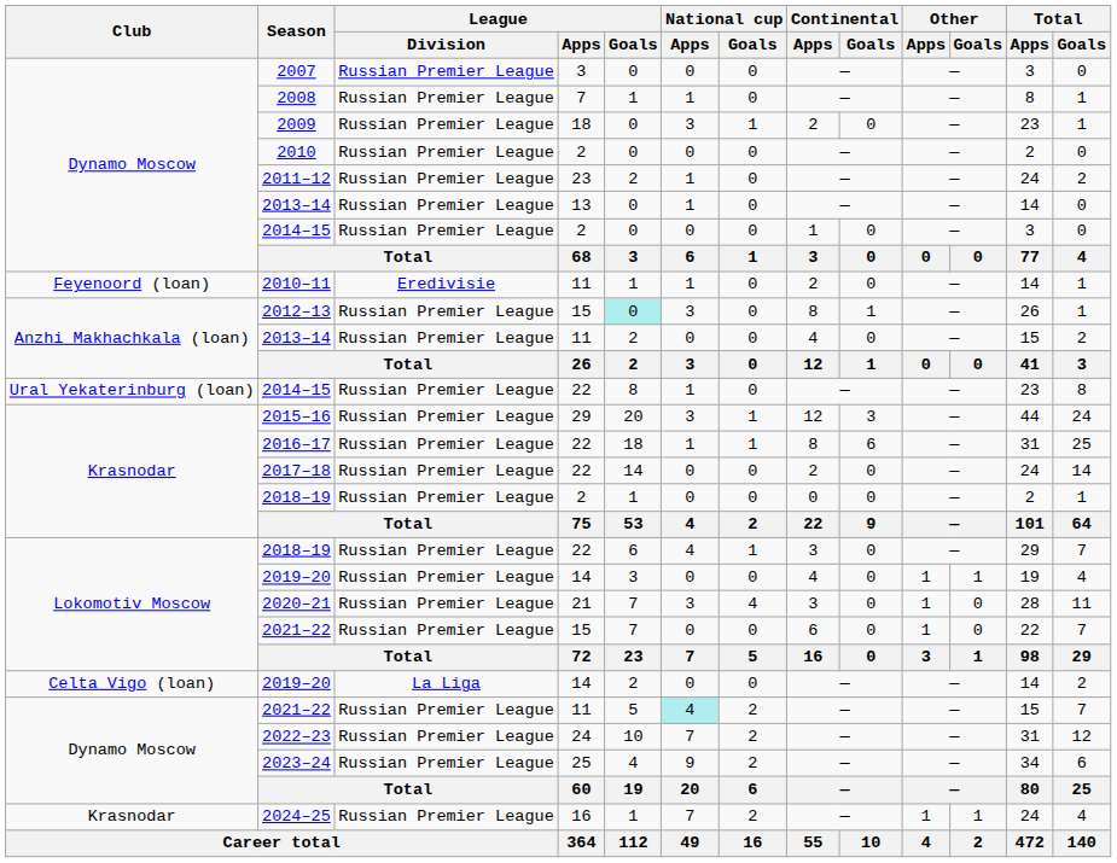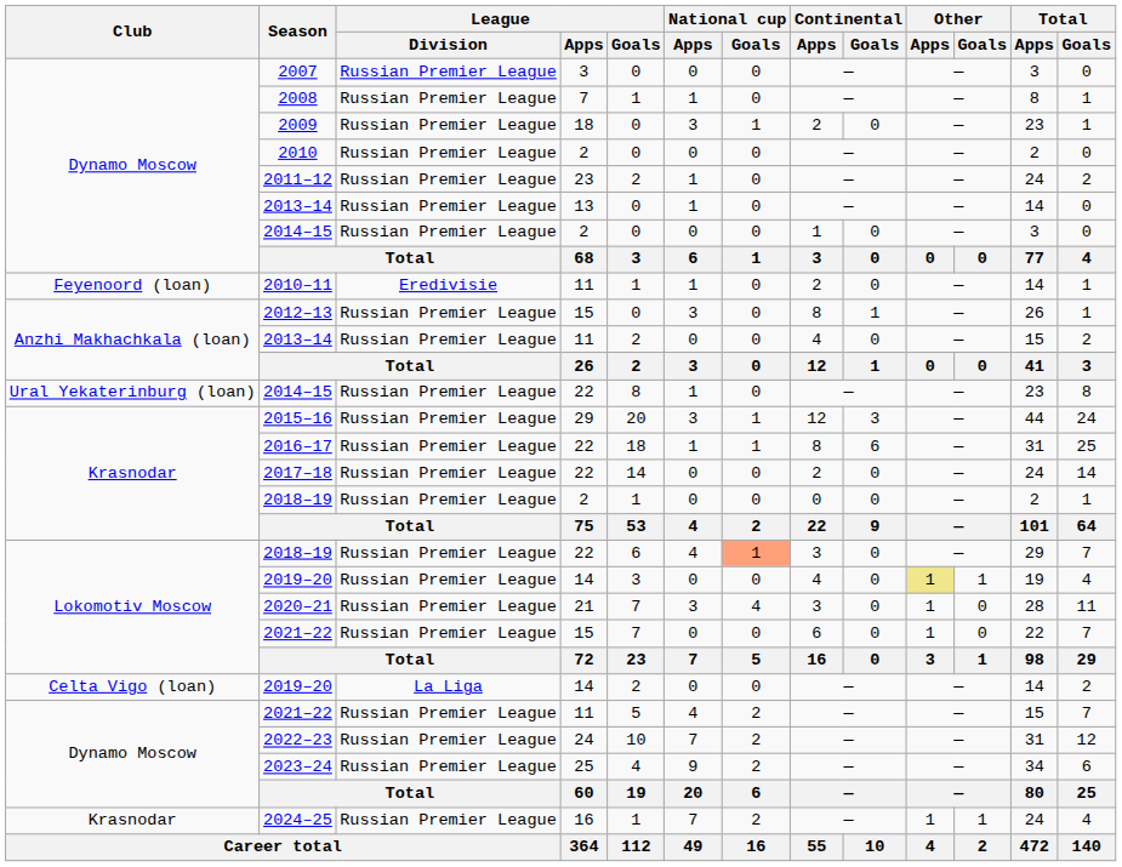 <table class="wikitable" style="text-align:center">
 <tr>
 <th rowspan="2">Club</th>
 <th rowspan="2">Season</th>
 <th colspan="3">League</th>
 <th colspan="2">National cup</th>
 <th colspan="2">Continental</th>
 <th colspan="2">Other</th>
 <th colspan="2">Total</th>
 </tr>
 <tr>
 <th>Division</th>
 <th>Apps</th>
 <th>Goals</th>
 <th>Apps</th>
 <th>Goals</th>
 <th>Apps</th>
 <th>Goals</th>
 <th>Apps</th>
 <th>Goals</th>
 <th>Apps</th>
 <th>Goals</th>
 </tr>
 <tr>
 <td rowspan="8"><a href='#'>Dynamo Moscow</a></td>
 <td><a href='#'>2007</a></td>
 <td><a href='#'>Russian Premier League</a></td>
 <td>3</td>
 <td>0</td>
 <td>0</td>
 <td>0</td>
 <td colspan="2">—</td>
 <td colspan="2">—</td>
 <td>3</td>
 <td>0</td>
 </tr>
 <tr>
 <td><a href='#'>2008</a></td>
 <td>Russian Premier League</td>
 <td>7</td>
 <td>1</td>
 <td>1</td>
 <td>0</td>
 <td colspan="2">—</td>
 <td colspan="2">—</td>
 <td>8</td>
 <td>1</td>
 </tr>
 <tr>
 <td><a href='#'>2009</a></td>
 <td>Russian Premier League</td>
 <td>18</td>
 <td>0</td>
 <td>3</td>
 <td>1</td>
 <td>2</td>
 <td>0</td>
 <td colspan="2">—</td>
 <td>23</td>
 <td>1</td>
 </tr>
 <tr>
 <td><a href='#'>2010</a></td>
 <td>Russian Premier League</td>
 <td>2</td>
 <td>0</td>
 <td>0</td>
 <td>0</td>
 <td colspan="2">—</td>
 <td colspan="2">—</td>
 <td>2</td>
 <td>0</td>
 </tr>
 <tr>
 <td><a href='#'>2011–12</a></td>
 <td>Russian Premier League</td>
 <td>23</td>
 <td>2</td>
 <td>1</td>
 <td>0</td>
 <td colspan="2">—</td>
 <td colspan="2">—</td>
 <td>24</td>
 <td>2</td>
 </tr>
 <tr>
 <td><a href='#'>2013–14</a></td>
 <td>Russian Premier League</td>
 <td>13</td>
 <td>0</td>
 <td>1</td>
 <td>0</td>
 <td colspan="2">—</td>
 <td colspan="2">—</td>
 <td>14</td>
 <td>0</td>
 </tr>
 <tr>
 <td><a href='#'>2014–15</a></td>
 <td>Russian Premier League</td>
 <td>2</td>
 <td>0</td>
 <td>0</td>
 <td>0</td>
 <td>1</td>
 <td>0</td>
 <td colspan="2">—</td>
 <td>3</td>
 <td>0</td>
 </tr>
 <tr>
 <th colspan="2">Total</th>
 <th>68</th>
 <th>3</th>
 <th>6</th>
 <th>1</th>
 <th>3</th>
 <th>0</th>
 <th>0</th>
 <th>0</th>
 <th>77</th>
 <th>4</th>
 </tr>
 <tr>
 <td><a href='#'>Feyenoord</a> (loan)</td>
 <td><a href='#'>2010–11</a></td>
 <td><a href='#'>Eredivisie</a></td>
 <td>11</td>
 <td>1</td>
 <td>1</td>
 <td>0</td>
 <td>2</td>
 <td>0</td>
 <td colspan="2">—</td>
 <td>14</td>
 <td>1</td>
 </tr>
 <tr>
 <td rowspan="3"><a href='#'>Anzhi Makhachkala</a> (loan)</td>
 <td><a href='#'>2012–13</a></td>
 <td>Russian Premier League</td>
 <td>15</td>
-<td style="background: paleturquoise;">0</td>
+<td>0</td>
 <td>3</td>
 <td>0</td>
 <td>8</td>
 <td>1</td>
 <td colspan="2">—</td>
 <td>26</td>
 <td>1</td>
 </tr>
 <tr>
 <td><a href='#'>2013–14</a></td>
 <td>Russian Premier League</td>
 <td>11</td>
 <td>2</td>
 <td>0</td>
 <td>0</td>
 <td>4</td>
 <td>0</td>
 <td colspan="2">—</td>
 <td>15</td>
 <td>2</td>
 </tr>
 <tr>
 <th colspan="2">Total</th>
 <th>26</th>
 <th>2</th>
 <th>3</th>
 <th>0</th>
 <th>12</th>
 <th>1</th>
 <th>0</th>
 <th>0</th>
 <th>41</th>
 <th>3</th>
 </tr>
 <tr>
 <td><a href='#'>Ural Yekaterinburg</a> (loan)</td>
 <td><a href='#'>2014–15</a></td>
 <td>Russian Premier League</td>
 <td>22</td>
 <td>8</td>
 <td>1</td>
 <td>0</td>
 <td colspan="2">—</td>
 <td colspan="2">—</td>
 <td>23</td>
 <td>8</td>
 </tr>
 <tr>
 <td rowspan="5"><a href='#'>Krasnodar</a></td>
 <td><a href='#'>2015–16</a></td>
 <td>Russian Premier League</td>
 <td>29</td>
 <td>20</td>
 <td>3</td>
 <td>1</td>
 <td>12</td>
 <td>3</td>
 <td colspan="2">—</td>
 <td>44</td>
 <td>24</td>
 </tr>
 <tr>
 <td><a href='#'>2016–17</a></td>
 <td>Russian Premier League</td>
 <td>22</td>
 <td>18</td>
 <td>1</td>
 <td>1</td>
 <td>8</td>
 <td>6</td>
 <td colspan="2">—</td>
 <td>31</td>
 <td>25</td>
 </tr>
 <tr>
 <td><a href='#'>2017–18</a></td>
 <td>Russian Premier League</td>
 <td>22</td>
 <td>14</td>
 <td>0</td>
 <td>0</td>
 <td>2</td>
 <td>0</td>
 <td colspan="2">—</td>
 <td>24</td>
 <td>14</td>
 </tr>
 <tr>
 <td><a href='#'>2018–19</a></td>
 <td>Russian Premier League</td>
 <td>2</td>
 <td>1</td>
 <td>0</td>
 <td>0</td>
 <td>0</td>
 <td>0</td>
 <td colspan="2">—</td>
 <td>2</td>
 <td>1</td>
 </tr>
 <tr>
 <th colspan="2">Total</th>
 <th>75</th>
 <th>53</th>
 <th>4</th>
 <th>2</th>
 <th>22</th>
 <th>9</th>
 <th colspan="2">—</th>
 <th>101</th>
 <th>64</th>
 </tr>
 <tr>
 <td rowspan="5"><a href='#'>Lokomotiv Moscow</a></td>
 <td><a href='#'>2018–19</a></td>
 <td>Russian Premier League</td>
 <td>22</td>
 <td>6</td>
 <td>4</td>
-<td>1</td>
+<td style="background: lightsalmon;">1</td>
 <td>3</td>
 <td>0</td>
 <td colspan="2">—</td>
 <td>29</td>
 <td>7</td>
 </tr>
 <tr>
 <td><a href='#'>2019–20</a></td>
 <td>Russian Premier League</td>
 <td>14</td>
 <td>3</td>
 <td>0</td>
 <td>0</td>
 <td>4</td>
 <td>0</td>
-<td>1</td>
+<td style="background: khaki;">1</td>
 <td>1</td>
 <td>19</td>
 <td>4</td>
 </tr>
 <tr>
 <td><a href='#'>2020–21</a></td>
 <td>Russian Premier League</td>
 <td>21</td>
 <td>7</td>
 <td>3</td>
 <td>4</td>
 <td>3</td>
 <td>0</td>
 <td>1</td>
 <td>0</td>
 <td>28</td>
 <td>11</td>
 </tr>
 <tr>
 <td><a href='#'>2021–22</a></td>
 <td>Russian Premier League</td>
 <td>15</td>
 <td>7</td>
 <td>0</td>
 <td>0</td>
 <td>6</td>
 <td>0</td>
 <td>1</td>
 <td>0</td>
 <td>22</td>
 <td>7</td>
 </tr>
 <tr>
 <th colspan="2">Total</th>
 <th>72</th>
 <th>23</th>
 <th>7</th>
 <th>5</th>
 <th>16</th>
 <th>0</th>
 <th>3</th>
 <th>1</th>
 <th>98</th>
 <th>29</th>
 </tr>
 <tr>
 <td><a href='#'>Celta Vigo</a> (loan)</td>
 <td><a href='#'>2019–20</a></td>
 <td><a href='#'>La Liga</a></td>
 <td>14</td>
 <td>2</td>
 <td>0</td>
 <td>0</td>
 <td colspan="2">—</td>
 <td colspan="2">—</td>
 <td>14</td>
 <td>2</td>
 </tr>
 <tr>
 <td rowspan="4">Dynamo Moscow</td>
 <td><a href='#'>2021–22</a></td>
 <td>Russian Premier League</td>
 <td>11</td>
 <td>5</td>
-<td style="background: paleturquoise;">4</td>
+<td>4</td>
 <td>2</td>
 <td colspan=2>—</td>
 <td colspan=2>—</td>
 <td>15</td>
 <td>7</td>
 </tr>
 <tr>
 <td><a href='#'>2022–23</a></td>
 <td>Russian Premier League</td>
 <td>24</td>
 <td>10</td>
 <td>7</td>
 <td>2</td>
 <td colspan=2>—</td>
 <td colspan=2>—</td>
 <td>31</td>
 <td>12</td>
 </tr>
 <tr>
 <td><a href='#'>2023–24</a></td>
 <td>Russian Premier League</td>
 <td>25</td>
 <td>4</td>
 <td>9</td>
 <td>2</td>
 <td colspan="2">—</td>
 <td colspan="2">—</td>
 <td>34</td>
 <td>6</td>
 </tr>
 <tr>
 <th colspan="2">Total</th>
 <th>60</th>
 <th>19</th>
 <th>20</th>
 <th>6</th>
 <th colspan="2">—</th>
 <th colspan="2">—</th>
 <th>80</th>
 <th>25</th>
 </tr>
 <tr>
 <td>Krasnodar</td>
 <td><a href='#'>2024–25</a></td>
 <td>Russian Premier League</td>
 <td>16</td>
 <td>1</td>
 <td>7</td>
 <td>2</td>
 <td colspan="2">—</td>
 <td>1</td>
 <td>1</td>
 <td>24</td>
 <td>4</td>
 </tr>
 <tr>
 <th colspan="3">Career total</th>
 <th>364</th>
 <th>112</th>
 <th>49</th>
 <th>16</th>
 <th>55</th>
 <th>10</th>
 <th>4</th>
 <th>2</th>
 <th>472</th>
 <th>140</th>
 </tr>
 </table>
